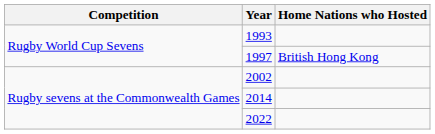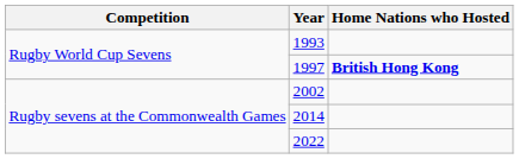 <table class="wikitable">
 <tr>
 <th>Competition</th>
 <th>Year</th>
 <th>Home Nations who Hosted</th>
 </tr>
 <tr>
 <td rowspan=2><a href='#'>Rugby World Cup Sevens</a></td>
 <td><a href='#'>1993</a></td>
 <td></td>
 </tr>
 <tr>
 <td><a href='#'>1997</a></td>
-<td> <a href='#'>British Hong Kong</a></td>
+<td><strong> <a href='#'>British Hong Kong</a></strong></td>
 </tr>
 <tr>
 <td rowspan=3><a href='#'>Rugby sevens at the Commonwealth Games</a></td>
 <td><a href='#'>2002</a></td>
 <td></td>
 </tr>
 <tr>
 <td><a href='#'>2014</a></td>
 <td></td>
 </tr>
 <tr>
 <td><a href='#'>2022</a></td>
 <td></td>
 </tr>
 </table>
